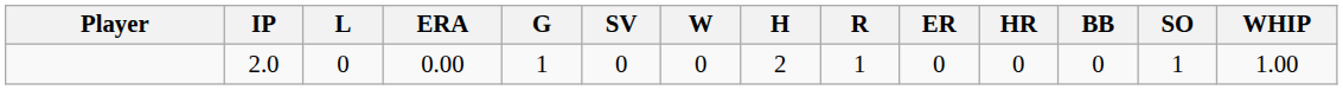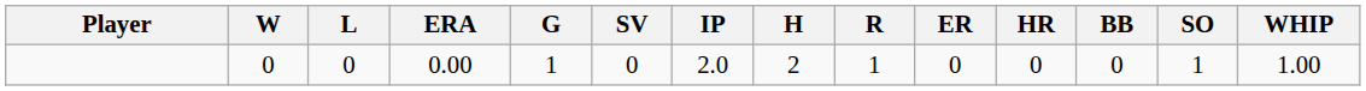 <table class="wikitable sortable">
 <tr>
 <th bgcolor="#DDDDFF" width="11%">Player</th>
-<th bgcolor="#DDDDFF" width="4%">IP</th>
+<th bgcolor="#DDDDFF" width="4%">W</th>
 <th bgcolor="#DDDDFF" width="4%">L</th>
 <th bgcolor="#DDDDFF" width="6%">ERA</th>
 <th bgcolor="#DDDDFF" width="4%">G</th>
 <th bgcolor="#DDDDFF" width="4%">SV</th>
-<th bgcolor="#DDDDFF" width="4%">W</th>
+<th bgcolor="#DDDDFF" width="4%">IP</th>
 <th bgcolor="#DDDDFF" width="4%">H</th>
 <th bgcolor="#DDDDFF" width="4%">R</th>
 <th bgcolor="#DDDDFF" width="4%">ER</th>
 <th bgcolor="#DDDDFF" width="4%">HR</th>
 <th bgcolor="#DDDDFF" width="4%">BB</th>
 <th bgcolor="#DDDDFF" width="4%">SO</th>
 <th bgcolor="#DDDDFF" width="6%">WHIP</th>
 </tr>
 <tr align ="center">
 <td></td>
-<td>2.0</td>
+<td>0</td>
 <td>0</td>
 <td>0.00</td>
 <td>1</td>
 <td>0</td>
-<td>0</td>
+<td>2.0</td>
 <td>2</td>
 <td>1</td>
 <td>0</td>
 <td>0</td>
 <td>0</td>
 <td>1</td>
 <td>1.00</td>
 </tr>
 </table>
